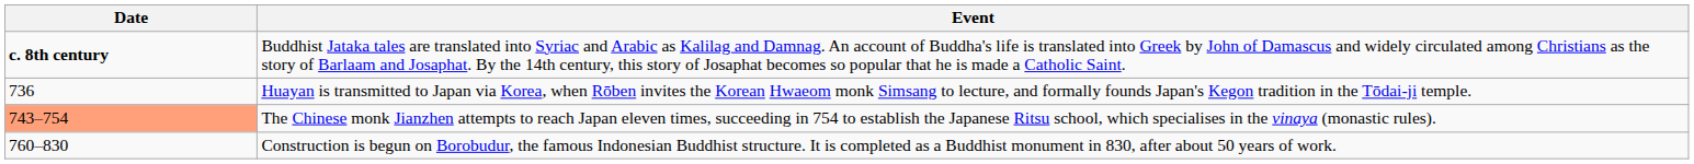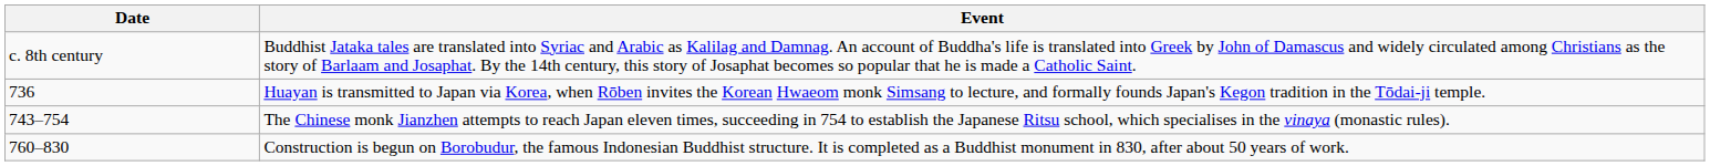 <table class="wikitable" width="100%">
 <tr>
 <th style="width:15%">Date</th>
 <th>Event</th>
 </tr>
 <tr>
-<td><strong>c. 8th century</strong></td>
+<td>c. 8th century</td>
 <td>Buddhist <a href='#'>Jataka tales</a> are translated into <a href='#'>Syriac</a> and <a href='#'>Arabic</a> as <a href='#'>Kalilag and Damnag</a>. An account of Buddha's life is translated into <a href='#'>Greek</a> by <a href='#'>John of Damascus</a> and widely circulated among <a href='#'>Christians</a> as the story of <a href='#'>Barlaam and Josaphat</a>. By the 14th century, this story of Josaphat becomes so popular that he is made a <a href='#'>Catholic Saint</a>.</td>
 </tr>
 <tr>
 <td>736</td>
 <td><a href='#'>Huayan</a> is transmitted to Japan via <a href='#'>Korea</a>, when <a href='#'>Rōben</a> invites the <a href='#'>Korean</a> <a href='#'>Hwaeom</a> monk <a href='#'>Simsang</a> to lecture, and formally founds Japan's <a href='#'>Kegon</a> tradition in the <a href='#'>Tōdai-ji</a> temple.</td>
 </tr>
 <tr>
-<td style="background: lightsalmon;">743–754</td>
+<td>743–754</td>
 <td>The <a href='#'>Chinese</a> monk <a href='#'>Jianzhen</a> attempts to reach Japan eleven times, succeeding in 754 to establish the Japanese <a href='#'>Ritsu</a> school, which specialises in the <em><a href='#'>vinaya</a></em> (monastic rules).</td>
 </tr>
 <tr>
 <td>760–830</td>
 <td>Construction is begun on <a href='#'>Borobudur</a>, the famous Indonesian Buddhist structure. It is completed as a Buddhist monument in 830, after about 50 years of work.</td>
 </tr>
 </table>
